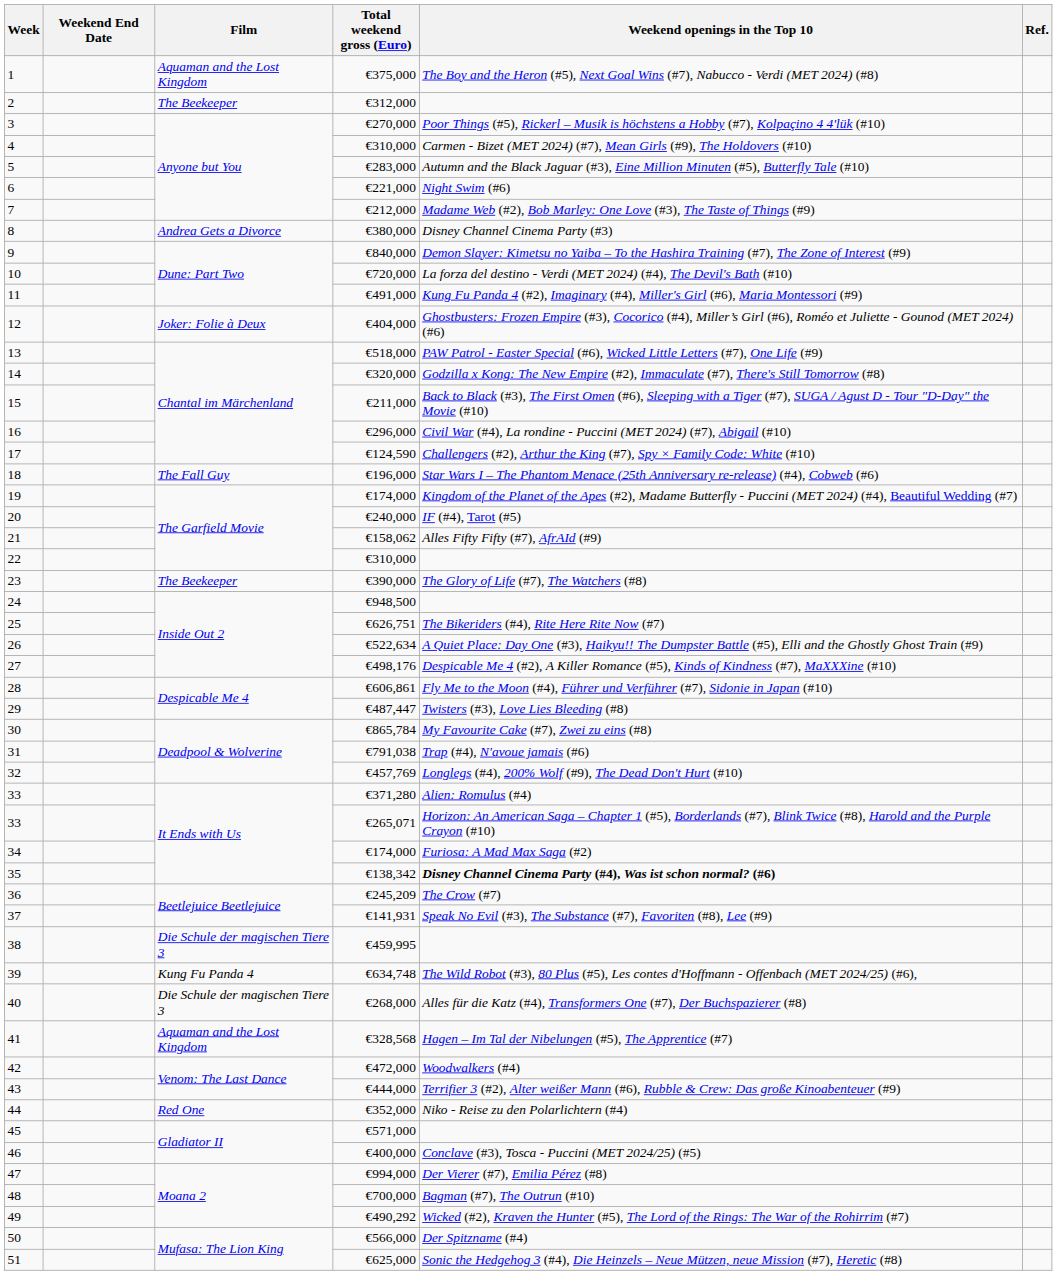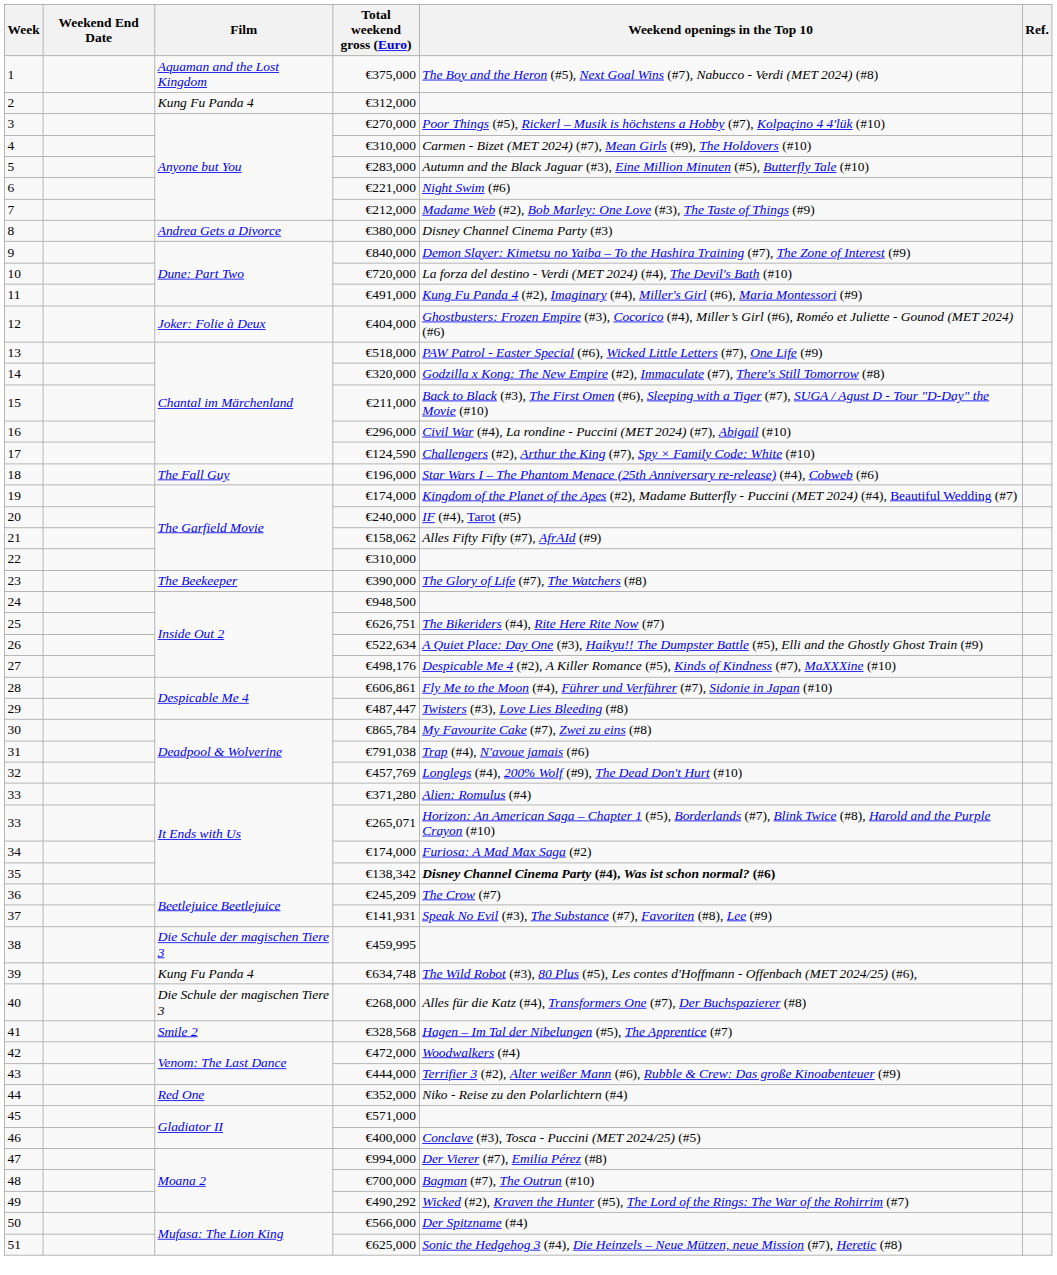 <table class="wikitable sortable">
 <tr>
 <th>Week</th>
 <th>Weekend End Date</th>
 <th>Film</th>
 <th>Total weekend<br>gross (<a href='#'>Euro</a>)</th>
 <th>Weekend openings in the Top 10</th>
 <th>Ref.</th>
 </tr>
 <tr>
 <td>1</td>
 <td></td>
 <td rowspan="1"><em><a href='#'>Aquaman and the Lost Kingdom</a></em></td>
 <td style="text-align:right">€375,000</td>
 <td><em><a href='#'>The Boy and the Heron</a></em> (#5), <em><a href='#'>Next Goal Wins</a></em> (#7), <em>Nabucco - Verdi (MET 2024)</em> (#8)</td>
 <td></td>
 </tr>
 <tr>
 <td>2</td>
 <td></td>
-<td rowspan="1"><em><a href='#'>The Beekeeper</a></em></td>
+<td rowspan="1"><em>Kung Fu Panda 4</em></td>
 <td style="text-align:right">€312,000</td>
 <td></td>
 <td></td>
 </tr>
 <tr>
 <td>3</td>
 <td></td>
 <td rowspan="5"><em><a href='#'>Anyone but You</a></em></td>
 <td style="text-align:right">€270,000</td>
 <td><em><a href='#'>Poor Things</a></em> (#5), <em><a href='#'>Rickerl – Musik is höchstens a Hobby</a></em> (#7), <em><a href='#'>Kolpaçino 4 4'lük</a></em> (#10)</td>
 <td></td>
 </tr>
 <tr>
 <td>4</td>
 <td></td>
 <td style="text-align:right">€310,000</td>
 <td><em>Carmen - Bizet (MET 2024)</em> (#7), <em><a href='#'>Mean Girls</a></em> (#9), <em><a href='#'>The Holdovers</a></em> (#10)</td>
 <td></td>
 </tr>
 <tr>
 <td>5</td>
 <td></td>
 <td style="text-align:right">€283,000</td>
 <td><em>Autumn and the Black Jaguar</em> (#3), <em><a href='#'>Eine Million Minuten</a></em> (#5), <em><a href='#'>Butterfly Tale</a></em> (#10)</td>
 <td></td>
 </tr>
 <tr>
 <td>6</td>
 <td></td>
 <td style="text-align:right">€221,000</td>
 <td><em><a href='#'>Night Swim</a></em> (#6)</td>
 <td></td>
 </tr>
 <tr>
 <td>7</td>
 <td></td>
 <td style="text-align:right">€212,000</td>
 <td><em><a href='#'>Madame Web</a></em> (#2), <em><a href='#'>Bob Marley: One Love</a></em> (#3), <em><a href='#'>The Taste of Things</a></em> (#9)</td>
 <td></td>
 </tr>
 <tr>
 <td>8</td>
 <td></td>
 <td rowspan="1"><em><a href='#'>Andrea Gets a Divorce</a></em></td>
 <td style="text-align:right">€380,000</td>
 <td><em>Disney Channel Cinema Party</em> (#3)</td>
 <td></td>
 </tr>
 <tr>
 <td>9</td>
 <td></td>
 <td rowspan="3"><em><a href='#'>Dune: Part Two</a></em></td>
 <td style="text-align:right">€840,000</td>
 <td><em><a href='#'>Demon Slayer: Kimetsu no Yaiba – To the Hashira Training</a></em> (#7), <em><a href='#'>The Zone of Interest</a></em> (#9)</td>
 <td></td>
 </tr>
 <tr>
 <td>10</td>
 <td></td>
 <td style="text-align:right">€720,000</td>
 <td><em>La forza del destino - Verdi (MET 2024)</em> (#4), <em><a href='#'>The Devil's Bath</a></em> (#10)</td>
 <td></td>
 </tr>
 <tr>
 <td>11</td>
 <td></td>
 <td style="text-align:right">€491,000</td>
 <td><em><a href='#'>Kung Fu Panda 4</a></em> (#2), <em><a href='#'>Imaginary</a></em> (#4), <em><a href='#'>Miller's Girl</a></em> (#6), <em><a href='#'>Maria Montessori</a></em> (#9)</td>
 <td></td>
 </tr>
 <tr>
 <td>12</td>
 <td></td>
 <td rowspan="1"><em><a href='#'>Joker: Folie à Deux</a></em></td>
 <td style="text-align:right">€404,000</td>
 <td><em><a href='#'>Ghostbusters: Frozen Empire</a></em> (#3), <em><a href='#'>Cocorico</a></em> (#4), <em>Miller’s Girl</em> (#6), <em>Roméo et Juliette - Gounod (MET 2024)</em> (#6)</td>
 <td></td>
 </tr>
 <tr>
 <td>13</td>
 <td></td>
 <td rowspan="5"><em><a href='#'>Chantal im Märchenland</a></em></td>
 <td style="text-align:right">€518,000</td>
 <td><em><a href='#'>PAW Patrol - Easter Special</a></em> (#6), <em><a href='#'>Wicked Little Letters</a></em> (#7),  <em><a href='#'>One Life</a></em> (#9)</td>
 <td></td>
 </tr>
 <tr>
 <td>14</td>
 <td></td>
 <td style="text-align:right">€320,000</td>
 <td><em><a href='#'>Godzilla x Kong: The New Empire</a></em> (#2),  <em><a href='#'>Immaculate</a></em> (#7), <em><a href='#'>There's Still Tomorrow</a></em> (#8)</td>
 <td></td>
 </tr>
 <tr>
 <td>15</td>
 <td></td>
 <td style="text-align:right">€211,000</td>
 <td><em><a href='#'>Back to Black</a></em> (#3),  <em><a href='#'>The First Omen</a></em> (#6), <em><a href='#'>Sleeping with a Tiger</a></em> (#7), <em><a href='#'>SUGA / Agust D - Tour "D-Day" the Movie</a></em> (#10)</td>
 <td></td>
 </tr>
 <tr>
 <td>16</td>
 <td></td>
 <td style="text-align:right">€296,000</td>
 <td><em><a href='#'>Civil War</a></em> (#4),  <em>La rondine - Puccini (MET 2024)</em> (#7), <em><a href='#'>Abigail</a></em> (#10)</td>
 <td></td>
 </tr>
 <tr>
 <td>17</td>
 <td></td>
 <td style="text-align:right">€124,590</td>
 <td><em><a href='#'>Challengers</a></em> (#2),  <em><a href='#'>Arthur the King</a></em> (#7), <em><a href='#'>Spy × Family Code: White</a></em> (#10)</td>
 <td></td>
 </tr>
 <tr>
 <td>18</td>
 <td></td>
 <td rowspan="1"><em><a href='#'>The Fall Guy</a></em></td>
 <td style="text-align:right">€196,000</td>
 <td><em><a href='#'>Star Wars I – The Phantom Menace (25th Anniversary re-release)</a></em> (#4),  <em><a href='#'>Cobweb</a></em> (#6)</td>
 <td></td>
 </tr>
 <tr>
 <td>19</td>
 <td></td>
 <td rowspan="4"><em><a href='#'>The Garfield Movie</a></em></td>
 <td style="text-align:right">€174,000</td>
 <td><em><a href='#'>Kingdom of the Planet of the Apes</a></em> (#2),  <em>Madame Butterfly - Puccini (MET 2024)</em> (#4), <a href='#'>Beautiful Wedding</a> (#7)</td>
 <td></td>
 </tr>
 <tr>
 <td>20</td>
 <td></td>
 <td style="text-align:right">€240,000</td>
 <td><em><a href='#'>IF</a></em> (#4), <a href='#'>Tarot</a> (#5)</td>
 <td></td>
 </tr>
 <tr>
 <td>21</td>
 <td></td>
 <td style="text-align:right">€158,062</td>
 <td><em>Alles Fifty Fifty</em> (#7), <em><a href='#'>AfrAId</a></em> (#9)</td>
 <td></td>
 </tr>
 <tr>
 <td>22</td>
 <td></td>
 <td style="text-align:right">€310,000</td>
 <td></td>
 <td></td>
 </tr>
 <tr>
 <td>23</td>
 <td></td>
 <td rowspan="1"><em><a href='#'>The Beekeeper</a></em></td>
 <td style="text-align:right">€390,000</td>
 <td><em><a href='#'>The Glory of Life</a></em> (#7), <em><a href='#'>The Watchers</a></em> (#8)</td>
 <td></td>
 </tr>
 <tr>
 <td>24</td>
 <td></td>
 <td rowspan="4"><em><a href='#'>Inside Out 2</a></em></td>
 <td style="text-align:right">€948,500</td>
 <td></td>
 <td></td>
 </tr>
 <tr>
 <td>25</td>
 <td></td>
 <td style="text-align:right">€626,751</td>
 <td><em><a href='#'>The Bikeriders</a></em> (#4), <em><a href='#'>Rite Here Rite Now</a></em> (#7)</td>
 <td></td>
 </tr>
 <tr>
 <td>26</td>
 <td></td>
 <td style="text-align:right">€522,634</td>
 <td><em><a href='#'>A Quiet Place: Day One</a></em> (#3), <em><a href='#'>Haikyu!! The Dumpster Battle</a></em> (#5), <em>Elli and the Ghostly Ghost Train</em> (#9)</td>
 <td></td>
 </tr>
 <tr>
 <td>27</td>
 <td></td>
 <td style="text-align:right">€498,176</td>
 <td><em><a href='#'>Despicable Me 4</a></em> (#2), <em>A Killer Romance</em> (#5), <em><a href='#'>Kinds of Kindness</a></em> (#7), <em><a href='#'>MaXXXine</a></em> (#10)</td>
 <td></td>
 </tr>
 <tr>
 <td>28</td>
 <td></td>
 <td rowspan="2"><em><a href='#'>Despicable Me 4</a></em></td>
 <td style="text-align:right">€606,861</td>
 <td><em><a href='#'>Fly Me to the Moon</a></em> (#4), <em><a href='#'>Führer und Verführer</a></em> (#7), <em><a href='#'>Sidonie in Japan</a></em> (#10)</td>
 <td></td>
 </tr>
 <tr>
 <td>29</td>
 <td></td>
 <td style="text-align:right">€487,447</td>
 <td><em><a href='#'>Twisters</a></em> (#3), <em><a href='#'>Love Lies Bleeding</a></em> (#8)</td>
 <td></td>
 </tr>
 <tr>
 <td>30</td>
 <td></td>
 <td rowspan="3"><em><a href='#'>Deadpool & Wolverine</a></em></td>
 <td style="text-align:right">€865,784</td>
 <td><em><a href='#'>My Favourite Cake</a></em> (#7), <em><a href='#'>Zwei zu eins</a></em> (#8)</td>
 <td></td>
 </tr>
 <tr>
 <td>31</td>
 <td></td>
 <td style="text-align:right">€791,038</td>
 <td><em><a href='#'>Trap</a></em> (#4), <em><a href='#'>N'avoue jamais</a></em> (#6)</td>
 <td></td>
 </tr>
 <tr>
 <td>32</td>
 <td></td>
 <td style="text-align:right">€457,769</td>
 <td><em><a href='#'>Longlegs</a></em> (#4), <em><a href='#'>200% Wolf</a></em> (#9), <em><a href='#'>The Dead Don't Hurt</a></em> (#10)</td>
 <td></td>
 </tr>
 <tr>
 <td>33</td>
 <td></td>
 <td rowspan="4"><em><a href='#'>It Ends with Us</a></em></td>
 <td style="text-align:right">€371,280</td>
 <td><em><a href='#'>Alien: Romulus</a></em> (#4)</td>
 <td></td>
 </tr>
 <tr>
 <td>33</td>
 <td></td>
 <td style="text-align:right">€265,071</td>
 <td><em><a href='#'>Horizon: An American Saga – Chapter 1</a></em> (#5), <em><a href='#'>Borderlands</a></em> (#7), <em><a href='#'>Blink Twice</a></em> (#8), <em><a href='#'>Harold and the Purple Crayon</a></em> (#10)</td>
 <td></td>
 </tr>
 <tr>
 <td>34</td>
 <td></td>
 <td style="text-align:right">€174,000</td>
 <td><em><a href='#'>Furiosa: A Mad Max Saga</a></em> (#2)</td>
 <td></td>
 </tr>
 <tr>
 <td>35</td>
 <td></td>
 <td style="text-align:right">€138,342</td>
 <td><strong><em>Disney Channel Cinema Party</em> (#4), <em>Was ist schon normal?</em> (#6)</strong></td>
 <td></td>
 </tr>
 <tr>
 <td>36</td>
 <td></td>
 <td rowspan="2"><em><a href='#'>Beetlejuice Beetlejuice</a></em></td>
 <td style="text-align:right">€245,209</td>
 <td><em><a href='#'>The Crow</a></em> (#7)</td>
 <td></td>
 </tr>
 <tr>
 <td>37</td>
 <td></td>
 <td style="text-align:right">€141,931</td>
 <td><em><a href='#'>Speak No Evil</a></em> (#3), <em><a href='#'>The Substance</a></em> (#7), <em><a href='#'>Favoriten</a></em> (#8), <em><a href='#'>Lee</a></em> (#9)</td>
 <td></td>
 </tr>
 <tr>
 <td>38</td>
 <td></td>
 <td rowspan="1"><em><a href='#'>Die Schule der magischen Tiere 3</a></em></td>
 <td style="text-align:right">€459,995</td>
 <td></td>
 <td></td>
 </tr>
 <tr>
 <td>39</td>
 <td></td>
 <td rowspan="1"><em>Kung Fu Panda 4</em></td>
 <td style="text-align:right">€634,748</td>
 <td><em><a href='#'>The Wild Robot</a></em> (#3), <em><a href='#'>80 Plus</a></em> (#5), <em>Les contes d'Hoffmann - Offenbach (MET 2024/25)</em> (#6),</td>
 <td></td>
 </tr>
 <tr>
 <td>40</td>
 <td></td>
 <td rowspan="1"><em>Die Schule der magischen Tiere 3</em></td>
 <td style="text-align:right">€268,000</td>
 <td><em>Alles für die Katz</em> (#4), <em><a href='#'>Transformers One</a></em> (#7), <em><a href='#'>Der Buchspazierer</a></em> (#8)</td>
 <td></td>
 </tr>
 <tr>
 <td>41</td>
 <td></td>
-<td rowspan="1"><em><a href='#'>Aquaman and the Lost Kingdom</a></em></td>
+<td rowspan="1"><em><a href='#'>Smile 2</a></em></td>
 <td style="text-align:right">€328,568</td>
 <td><em><a href='#'>Hagen – Im Tal der Nibelungen</a></em> (#5), <em><a href='#'>The Apprentice</a></em> (#7)</td>
 <td></td>
 </tr>
 <tr>
 <td>42</td>
 <td></td>
 <td rowspan="2"><em><a href='#'>Venom: The Last Dance</a></em></td>
 <td style="text-align:right">€472,000</td>
 <td><em><a href='#'>Woodwalkers</a></em> (#4)</td>
 <td></td>
 </tr>
 <tr>
 <td>43</td>
 <td></td>
 <td style="text-align:right">€444,000</td>
 <td><em><a href='#'>Terrifier 3</a></em> (#2), <em><a href='#'>Alter weißer Mann</a></em> (#6), <em><a href='#'>Rubble & Crew: Das große Kinoabenteuer</a></em> (#9)</td>
 <td></td>
 </tr>
 <tr>
 <td>44</td>
 <td></td>
 <td rowspan="1"><em><a href='#'>Red One</a></em></td>
 <td style="text-align:right">€352,000</td>
 <td><em>Niko - Reise zu den Polarlichtern</em> (#4)</td>
 <td></td>
 </tr>
 <tr>
 <td>45</td>
 <td></td>
 <td rowspan="2"><em><a href='#'>Gladiator II</a></em></td>
 <td style="text-align:right">€571,000</td>
 <td></td>
 <td></td>
 </tr>
 <tr>
 <td>46</td>
 <td></td>
 <td style="text-align:right">€400,000</td>
 <td><em><a href='#'>Conclave</a></em> (#3), <em>Tosca - Puccini (MET 2024/25)</em> (#5)</td>
 <td></td>
 </tr>
 <tr>
 <td>47</td>
 <td></td>
 <td rowspan="3"><em><a href='#'>Moana 2</a></em></td>
 <td style="text-align:right">€994,000</td>
 <td><em><a href='#'>Der Vierer</a></em> (#7), <em><a href='#'>Emilia Pérez</a></em> (#8)</td>
 <td></td>
 </tr>
 <tr>
 <td>48</td>
 <td></td>
 <td style="text-align:right">€700,000</td>
 <td><em><a href='#'>Bagman</a></em> (#7), <em><a href='#'>The Outrun</a></em> (#10)</td>
 <td></td>
 </tr>
 <tr>
 <td>49</td>
 <td></td>
 <td style="text-align:right">€490,292</td>
 <td><em><a href='#'>Wicked</a></em> (#2), <em><a href='#'>Kraven the Hunter</a></em> (#5), <em><a href='#'>The Lord of the Rings: The War of the Rohirrim</a></em> (#7)</td>
 <td></td>
 </tr>
 <tr>
 <td>50</td>
 <td></td>
 <td rowspan="2"><em><a href='#'>Mufasa: The Lion King</a></em></td>
 <td style="text-align:right">€566,000</td>
 <td><em><a href='#'>Der Spitzname</a></em> (#4)</td>
 <td></td>
 </tr>
 <tr>
 <td>51</td>
 <td></td>
 <td style="text-align:right">€625,000</td>
 <td><em><a href='#'>Sonic the Hedgehog 3</a></em> (#4), <em><a href='#'>Die Heinzels – Neue Mützen, neue Mission</a></em> (#7), <em><a href='#'>Heretic</a></em> (#8)</td>
 <td></td>
 </tr>
 </table>
